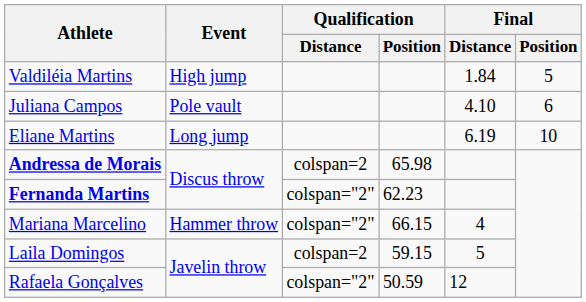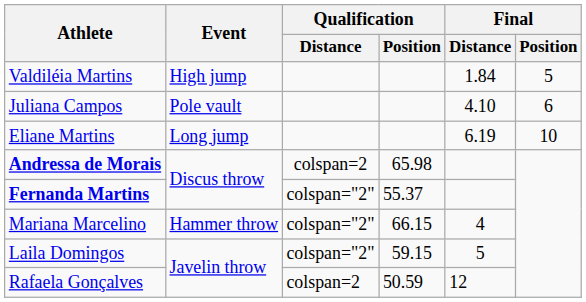 <table class=wikitable style="font-size:90%">
 <tr>
 <th rowspan="2">Athlete</th>
 <th rowspan="2">Event</th>
 <th colspan="2">Qualification</th>
 <th colspan="2">Final</th>
 </tr>
 <tr style="font-size:95%">
 <th>Distance</th>
 <th>Position</th>
 <th>Distance</th>
 <th>Position</th>
 </tr>
 <tr align=center>
 <td align=left><a href='#'>Valdiléia Martins</a></td>
 <td align=left rowspan=1><a href='#'>High jump</a></td>
 <td></td>
 <td></td>
 <td>1.84</td>
 <td>5</td>
 </tr>
 <tr align=center>
 <td align=left><a href='#'>Juliana Campos</a></td>
 <td align=left rowspan=1><a href='#'>Pole vault</a></td>
 <td></td>
 <td></td>
 <td>4.10</td>
 <td>6</td>
 </tr>
 <tr align=center>
 <td align=left><a href='#'>Eliane Martins</a></td>
 <td align=left rowspan=1><a href='#'>Long jump</a></td>
 <td></td>
 <td></td>
 <td>6.19</td>
 <td>10</td>
 </tr>
 <tr align=center>
 <td align=left><strong><a href='#'>Andressa de Morais</a></strong></td>
 <td align=left rowspan=2><a href='#'>Discus throw</a></td>
 <td>colspan=2 </td>
 <td>65.98</td>
 <td> </td>
 </tr>
 <tr>
 <td align=left><strong><a href='#'>Fernanda Martins</a></strong></td>
 <td>colspan="2" </td>
-<td>62.23</td>
+<td>55.37</td>
 <td></td>
 </tr>
 <tr align=center>
 <td align=left><a href='#'>Mariana Marcelino</a></td>
 <td align=left rowspan=1><a href='#'>Hammer throw</a></td>
 <td>colspan="2" </td>
 <td>66.15</td>
 <td>4</td>
 </tr>
 <tr align=center>
 <td align=left><a href='#'>Laila Domingos</a></td>
 <td align=left rowspan=2><a href='#'>Javelin throw</a></td>
-<td>colspan=2 </td>
+<td>colspan="2" </td>
 <td>59.15</td>
 <td>5</td>
 </tr>
 <tr>
 <td align=left><a href='#'>Rafaela Gonçalves</a></td>
-<td>colspan="2" </td>
+<td>colspan=2 </td>
 <td>50.59</td>
 <td>12</td>
 </tr>
 </table>
